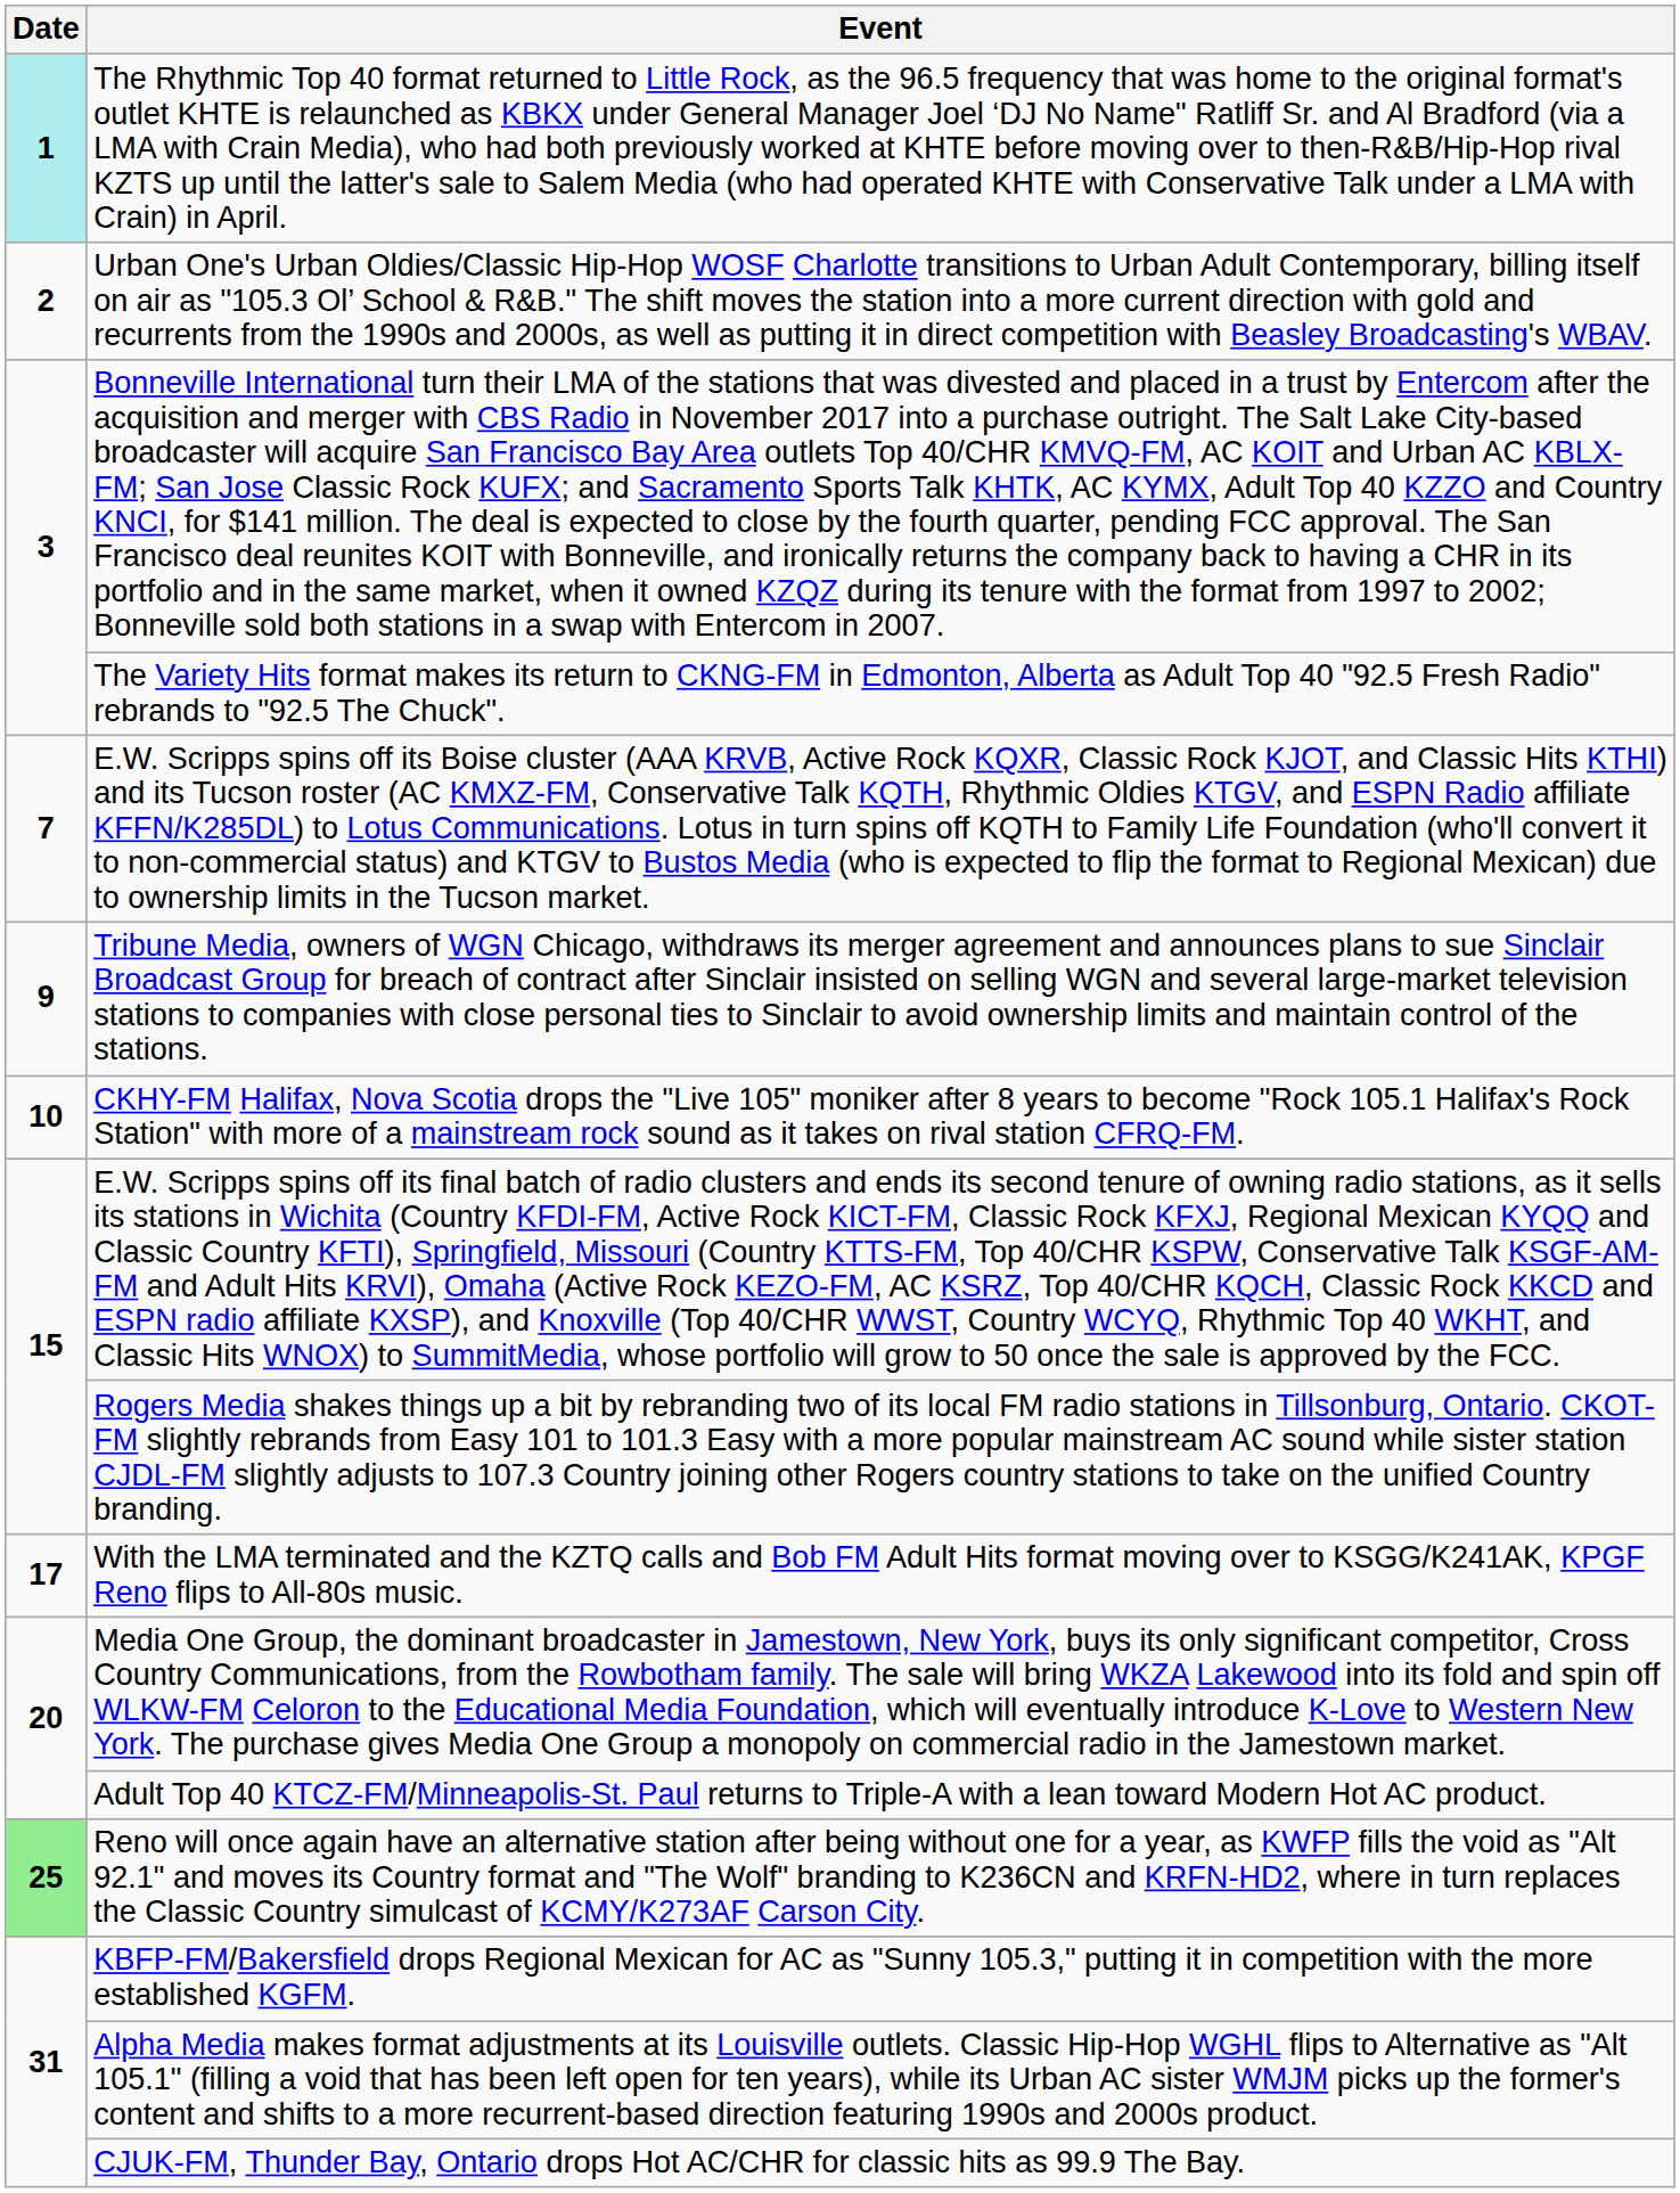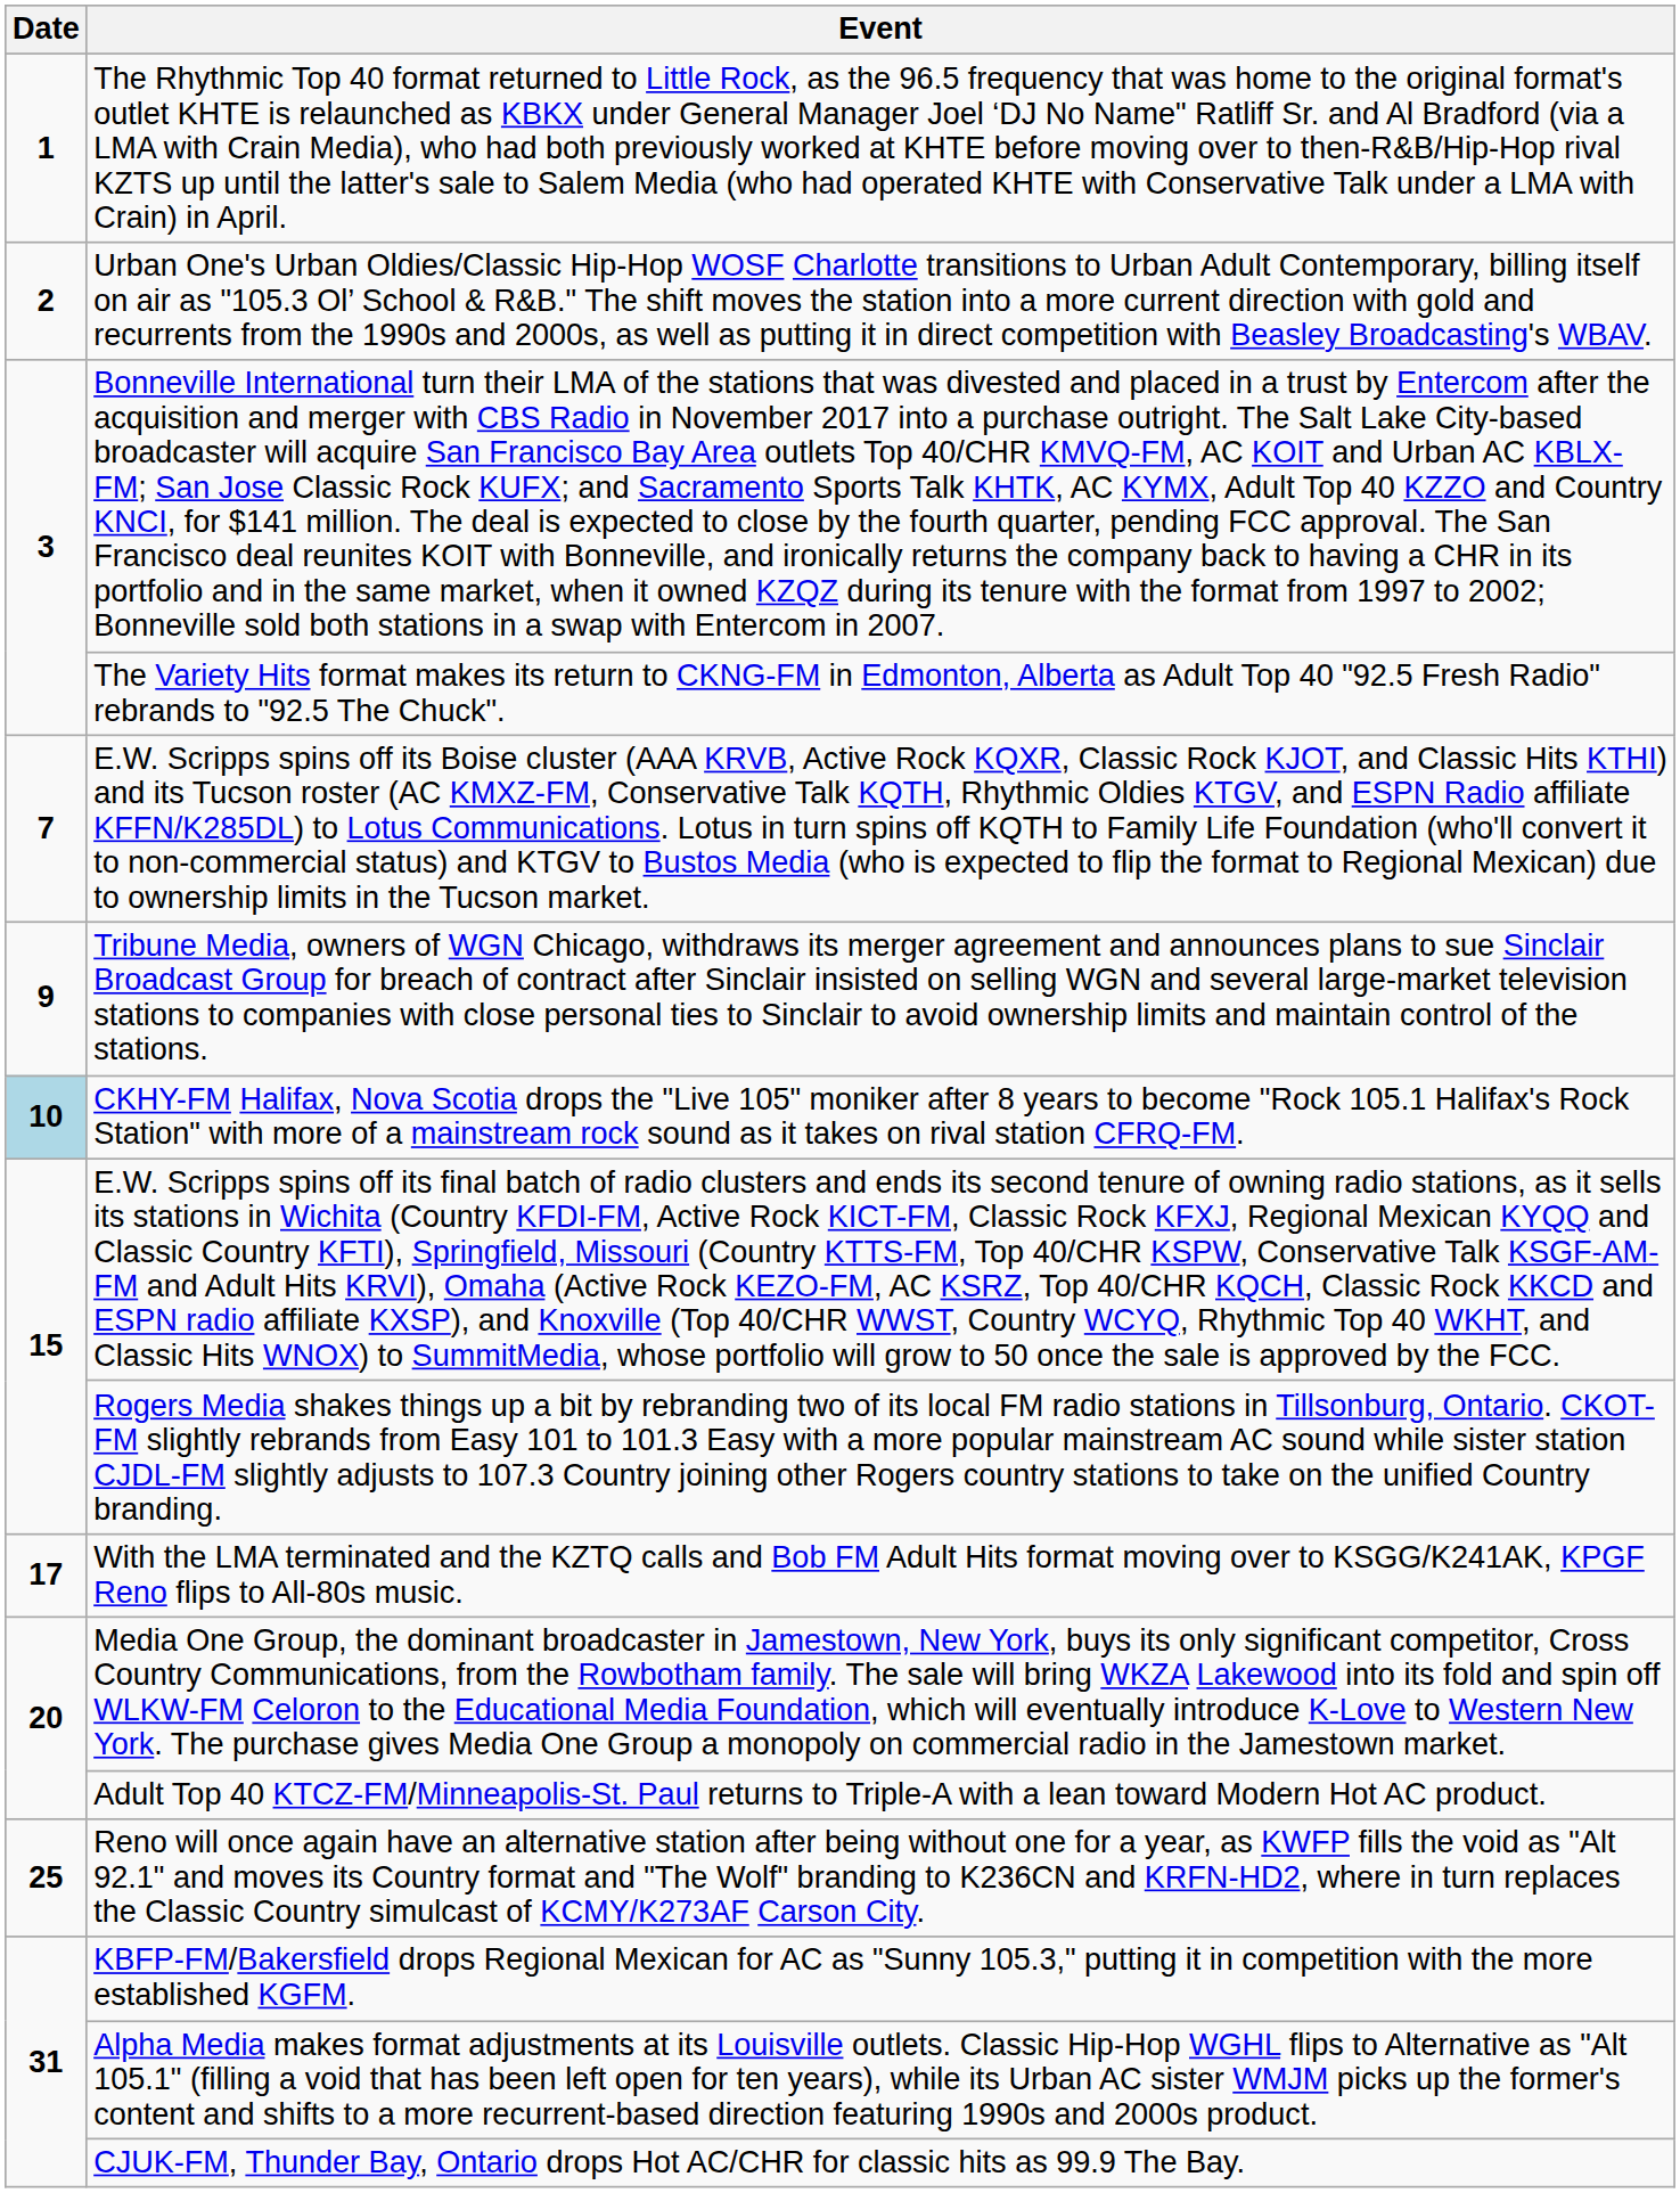 <table class="wikitable">
 <tr>
 <th>Date</th>
 <th>Event</th>
 </tr>
 <tr>
-<td style="background: paleturquoise; text-align:center;"><strong>1</strong></td>
+<td style="text-align:center;"><strong>1</strong></td>
 <td>The Rhythmic Top 40 format returned to <a href='#'>Little Rock</a>, as the 96.5 frequency that was home to the original format's outlet KHTE is relaunched as <a href='#'>KBKX</a> under General Manager Joel ‘DJ No Name" Ratliff Sr. and Al Bradford (via a LMA with Crain Media), who had both previously worked at KHTE before moving over to then-R&B/Hip-Hop rival KZTS up until the latter's sale to Salem Media (who had operated KHTE with Conservative Talk under a LMA with Crain) in April.</td>
 </tr>
 <tr>
 <td style="text-align:center;"><strong>2</strong></td>
 <td>Urban One's Urban Oldies/Classic Hip-Hop <a href='#'>WOSF</a> <a href='#'>Charlotte</a> transitions to Urban Adult Contemporary, billing itself on air as "105.3 Ol’ School & R&B." The shift moves the station into a more current direction with gold and recurrents from the 1990s and 2000s, as well as putting it in direct competition with <a href='#'>Beasley Broadcasting</a>'s <a href='#'>WBAV</a>.</td>
 </tr>
 <tr>
 <td style="text-align:center;" rowspan=2><strong>3</strong></td>
 <td><a href='#'>Bonneville International</a> turn their LMA of the stations that was divested and placed in a trust by <a href='#'>Entercom</a> after the acquisition and merger with <a href='#'>CBS Radio</a> in November 2017 into a purchase outright. The Salt Lake City-based broadcaster will acquire <a href='#'>San Francisco Bay Area</a> outlets Top 40/CHR <a href='#'>KMVQ-FM</a>, AC <a href='#'>KOIT</a> and Urban AC <a href='#'>KBLX-FM</a>; <a href='#'>San Jose</a> Classic Rock <a href='#'>KUFX</a>; and <a href='#'>Sacramento</a> Sports Talk <a href='#'>KHTK</a>, AC <a href='#'>KYMX</a>, Adult Top 40 <a href='#'>KZZO</a> and Country <a href='#'>KNCI</a>, for $141 million. The deal is expected to close by the fourth quarter, pending FCC approval. The San Francisco deal reunites KOIT with Bonneville, and ironically returns the company back to having a CHR in its portfolio and in the same market, when it owned <a href='#'>KZQZ</a> during its tenure with the format from 1997 to 2002; Bonneville sold both stations in a swap with Entercom in 2007.</td>
 </tr>
 <tr>
 <td>The <a href='#'>Variety Hits</a> format makes its return to <a href='#'>CKNG-FM</a> in <a href='#'>Edmonton, Alberta</a> as Adult Top 40 "92.5 Fresh Radio" rebrands to "92.5 The Chuck".</td>
 </tr>
 <tr>
 <td style="text-align:center;"><strong>7</strong></td>
 <td>E.W. Scripps spins off its Boise cluster (AAA <a href='#'>KRVB</a>, Active Rock <a href='#'>KQXR</a>, Classic Rock <a href='#'>KJOT</a>, and Classic Hits <a href='#'>KTHI</a>) and its Tucson roster (AC <a href='#'>KMXZ-FM</a>, Conservative Talk <a href='#'>KQTH</a>, Rhythmic Oldies <a href='#'>KTGV</a>, and <a href='#'>ESPN Radio</a> affiliate <a href='#'>KFFN/K285DL</a>) to <a href='#'>Lotus Communications</a>. Lotus in turn spins off KQTH to Family Life Foundation (who'll convert it to non-commercial status) and KTGV to <a href='#'>Bustos Media</a> (who is expected to flip the format to Regional Mexican) due to ownership limits in the Tucson market.</td>
 </tr>
 <tr>
 <td style="text-align:center;"><strong>9</strong></td>
 <td><a href='#'>Tribune Media</a>, owners of <a href='#'>WGN</a> Chicago, withdraws its merger agreement and announces plans to sue <a href='#'>Sinclair Broadcast Group</a> for breach of contract after Sinclair insisted on selling WGN and several large-market television stations to companies with close personal ties to Sinclair to avoid ownership limits and maintain control of the stations.</td>
 </tr>
 <tr>
-<td style="text-align:center;"><strong>10</strong></td>
+<td style="background: lightblue; text-align:center;"><strong>10</strong></td>
 <td><a href='#'>CKHY-FM</a> <a href='#'>Halifax</a>, <a href='#'>Nova Scotia</a> drops the "Live 105" moniker after 8 years to become "Rock 105.1 Halifax's Rock Station" with more of a <a href='#'>mainstream rock</a> sound as it takes on rival station <a href='#'>CFRQ-FM</a>.</td>
 </tr>
 <tr>
 <td style="text-align:center;" rowspan="2"><strong>15</strong></td>
 <td>E.W. Scripps spins off its final batch of radio clusters and ends its second tenure of owning radio stations, as it sells its stations in <a href='#'>Wichita</a> (Country <a href='#'>KFDI-FM</a>, Active Rock <a href='#'>KICT-FM</a>, Classic Rock <a href='#'>KFXJ</a>, Regional Mexican <a href='#'>KYQQ</a> and Classic Country <a href='#'>KFTI</a>), <a href='#'>Springfield, Missouri</a> (Country <a href='#'>KTTS-FM</a>, Top 40/CHR <a href='#'>KSPW</a>, Conservative Talk <a href='#'>KSGF-AM</a><a href='#'>-FM</a> and Adult Hits <a href='#'>KRVI</a>), <a href='#'>Omaha</a> (Active Rock <a href='#'>KEZO-FM</a>, AC <a href='#'>KSRZ</a>, Top 40/CHR <a href='#'>KQCH</a>, Classic Rock <a href='#'>KKCD</a> and <a href='#'>ESPN radio</a> affiliate <a href='#'>KXSP</a>), and <a href='#'>Knoxville</a> (Top 40/CHR <a href='#'>WWST</a>, Country <a href='#'>WCYQ</a>, Rhythmic Top 40 <a href='#'>WKHT</a>, and Classic Hits <a href='#'>WNOX</a>) to <a href='#'>SummitMedia</a>, whose portfolio will grow to 50 once the sale is approved by the FCC.</td>
 </tr>
 <tr>
 <td><a href='#'>Rogers Media</a> shakes things up a bit by rebranding two of its local FM radio stations in <a href='#'>Tillsonburg, Ontario</a>. <a href='#'>CKOT-FM</a> slightly rebrands from Easy 101 to 101.3 Easy with a more popular mainstream AC sound while sister station <a href='#'>CJDL-FM</a> slightly adjusts to 107.3 Country joining other Rogers country stations to take on the unified Country branding.</td>
 </tr>
 <tr>
 <td style="text-align:center;"><strong>17</strong></td>
 <td>With the LMA terminated and the KZTQ calls and <a href='#'>Bob FM</a> Adult Hits format moving over to KSGG/K241AK, <a href='#'>KPGF</a> <a href='#'>Reno</a> flips to All-80s music.</td>
 </tr>
 <tr>
 <td style="text-align:center;" rowspan="2"><strong>20</strong></td>
 <td>Media One Group, the dominant broadcaster in <a href='#'>Jamestown, New York</a>, buys its only significant competitor, Cross Country Communications, from the <a href='#'>Rowbotham family</a>. The sale will bring <a href='#'>WKZA</a> <a href='#'>Lakewood</a> into its fold and spin off <a href='#'>WLKW-FM</a> <a href='#'>Celoron</a> to the <a href='#'>Educational Media Foundation</a>, which will eventually introduce <a href='#'>K-Love</a> to <a href='#'>Western New York</a>. The purchase gives Media One Group a monopoly on commercial radio in the Jamestown market.</td>
 </tr>
 <tr>
 <td>Adult Top 40 <a href='#'>KTCZ-FM</a>/<a href='#'>Minneapolis-St. Paul</a> returns to Triple-A with a lean toward Modern Hot AC product.</td>
 </tr>
 <tr>
-<td style="background: lightgreen; text-align:center;"><strong>25</strong></td>
+<td style="text-align:center;"><strong>25</strong></td>
 <td>Reno will once again have an alternative station after being without one for a year, as <a href='#'>KWFP</a> fills the void as "Alt 92.1" and moves its Country format and "The Wolf" branding to K236CN and <a href='#'>KRFN-HD2</a>, where in turn replaces the Classic Country simulcast of <a href='#'>KCMY/K273AF</a> <a href='#'>Carson City</a>.</td>
 </tr>
 <tr>
 <td style="text-align:center;" rowspan="3"><strong>31</strong></td>
 <td><a href='#'>KBFP-FM</a>/<a href='#'>Bakersfield</a> drops Regional Mexican for AC as "Sunny 105.3," putting it in competition with the more established <a href='#'>KGFM</a>.</td>
 </tr>
 <tr>
 <td><a href='#'>Alpha Media</a> makes format adjustments at its <a href='#'>Louisville</a> outlets. Classic Hip-Hop <a href='#'>WGHL</a> flips to Alternative as "Alt 105.1" (filling a void that has been left open for ten years), while its Urban AC sister <a href='#'>WMJM</a> picks up the former's content and shifts to a more recurrent-based direction featuring 1990s and 2000s product.</td>
 </tr>
 <tr>
 <td><a href='#'>CJUK-FM</a>, <a href='#'>Thunder Bay</a>, <a href='#'>Ontario</a> drops Hot AC/CHR for classic hits as 99.9 The Bay.</td>
 </tr>
 </table>
